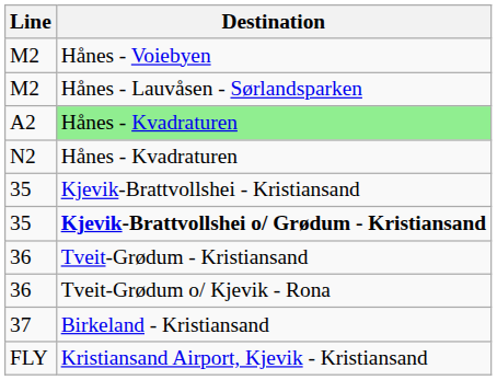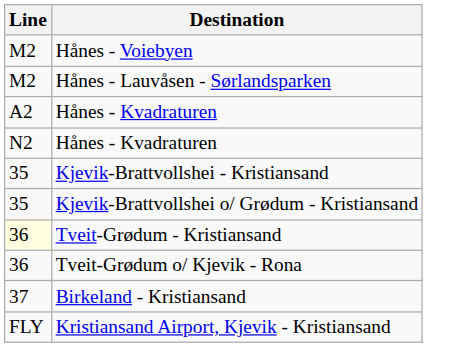 <table class="wikitable sortable">
 <tr>
 <th>Line</th>
 <th>Destination </th>
 </tr>
 <tr>
 <td>M2</td>
 <td>Hånes - <a href='#'>Voiebyen</a></td>
 </tr>
 <tr>
 <td>M2</td>
 <td>Hånes - Lauvåsen - <a href='#'>Sørlandsparken</a></td>
 </tr>
 <tr>
 <td>A2</td>
-<td style="background: lightgreen;">Hånes - <a href='#'>Kvadraturen</a></td>
+<td>Hånes - <a href='#'>Kvadraturen</a></td>
 </tr>
 <tr>
 <td>N2</td>
 <td>Hånes - Kvadraturen</td>
 </tr>
 <tr>
 <td>35</td>
 <td><a href='#'>Kjevik</a>-Brattvollshei - Kristiansand</td>
 </tr>
 <tr>
 <td>35</td>
-<td><strong><a href='#'>Kjevik</a>-Brattvollshei o/ Grødum - Kristiansand</strong></td>
+<td><a href='#'>Kjevik</a>-Brattvollshei o/ Grødum - Kristiansand</td>
 </tr>
 <tr>
-<td>36</td>
+<td style="background: lightyellow;">36</td>
 <td><a href='#'>Tveit</a>-Grødum - Kristiansand</td>
 </tr>
 <tr>
 <td>36</td>
 <td>Tveit-Grødum o/ Kjevik - Rona</td>
 </tr>
 <tr>
 <td>37</td>
 <td><a href='#'>Birkeland</a> - Kristiansand</td>
 </tr>
 <tr>
 <td>FLY</td>
 <td><a href='#'>Kristiansand Airport, Kjevik</a> - Kristiansand</td>
 </tr>
 </table>
